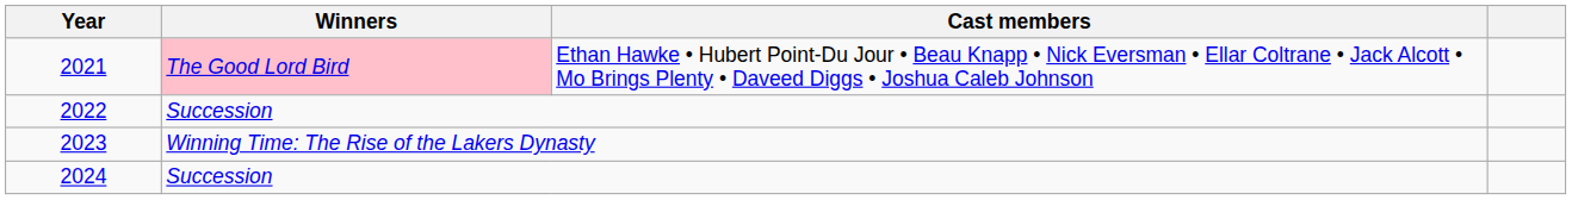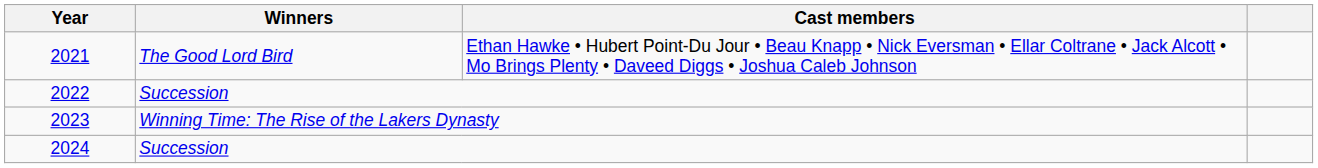 <table class="wikitable" width="95%" cellpadding="5">
 <tr>
 <th width="10%">Year</th>
 <th width="25%">Winners</th>
 <th width="60%">Cast members</th>
 <th width="5%"></th>
 </tr>
 <tr>
 <td style="text-align:center;"><a href='#'>2021</a></td>
-<td style="background: pink;"><em><a href='#'>The Good Lord Bird</a></em></td>
+<td><em><a href='#'>The Good Lord Bird</a></em></td>
 <td><a href='#'>Ethan Hawke</a> • Hubert Point-Du Jour • <a href='#'>Beau Knapp</a> • <a href='#'>Nick Eversman</a> • <a href='#'>Ellar Coltrane</a> • <a href='#'>Jack Alcott</a> • <a href='#'>Mo Brings Plenty</a> • <a href='#'>Daveed Diggs</a> • <a href='#'>Joshua Caleb Johnson</a></td>
 <td></td>
 </tr>
 <tr>
 <td style="text-align:center;"><a href='#'>2022</a></td>
 <td colspan="2"><em><a href='#'>Succession</a></em></td>
 <td></td>
 </tr>
 <tr>
 <td style="text-align:center;"><a href='#'>2023</a></td>
 <td colspan="2"><em><a href='#'>Winning Time: The Rise of the Lakers Dynasty</a></em></td>
 <td></td>
 </tr>
 <tr>
 <td style="text-align:center;"><a href='#'>2024</a></td>
 <td colspan="2"><em><a href='#'>Succession</a></em></td>
 <td></td>
 </tr>
 </table>
